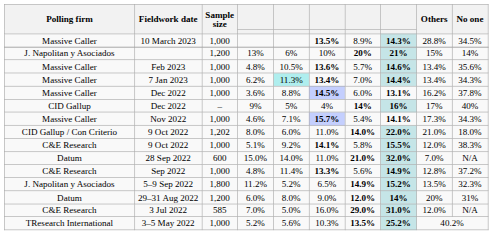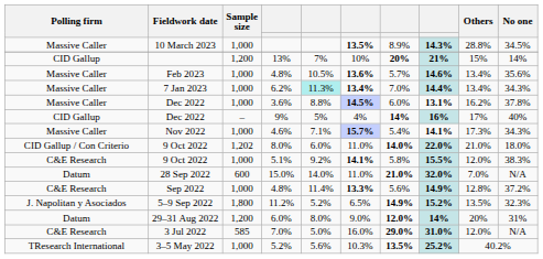 <table class="wikitable" style="text-align:center;font-size:90%;line-height:14px;">
 <tr style="height:40px;">
 <th style="width:200px;" rowspan="2">Polling firm</th>
 <th style="width:100px;" rowspan="2">Fieldwork date</th>
 <th style="width:50px;" rowspan="2">Sample size</th>
 <th class="unsortable" style="width:50px;"></th>
 <th class="unsortable" style="width:50px;"></th>
 <th class="unsortable" style="width:50px;"></th>
 <th class="unsortable" style="width:50px;"></th>
 <th class="unsortable" style="width:50px;"></th>
 <th style="width:50px;" rowspan="2">Others</th>
 <th style="width:50px;" rowspan="2">No one</th>
 </tr>
 <tr>
 <th style="background:"></th>
 <th style="background:"></th>
 <th style="background:"></th>
 <th style="background:"></th>
 <th style="background:"></th>
 </tr>
 <tr>
 <td>Massive Caller</td>
 <td>10 March 2023</td>
 <td>1,000</td>
 <td></td>
 <td></td>
 <td><strong>13.5%</strong></td>
 <td>8.9%</td>
 <td style="background:#c5e5e7;"><strong>14.3%</strong></td>
 <td>28.8%</td>
 <td>34.5%</td>
 </tr>
 <tr>
 </tr>
 <tr>
-<td>J. Napolitan y Asociados</td>
+<td>CID Gallup</td>
 <td></td>
 <td>1,200</td>
 <td>13%</td>
-<td>6%</td>
+<td>7%</td>
 <td>10%</td>
 <td><strong>20%</strong></td>
 <td style="background:#c5e5e7;"><strong>21%</strong></td>
 <td>15%</td>
 <td>14%</td>
 </tr>
 <tr>
 <td>Massive Caller</td>
 <td>Feb 2023</td>
 <td>1,000</td>
 <td>4.8%</td>
 <td>10.5%</td>
 <td><strong>13.6%</strong></td>
 <td>5.7%</td>
 <td style="background:#c5e5e7;"><strong>14.6%</strong></td>
 <td>13.4%</td>
 <td>35.6%</td>
 </tr>
 <tr>
 <td>Massive Caller</td>
 <td>7 Jan 2023</td>
 <td>1,000</td>
 <td>6.2%</td>
 <td style="background: paleturquoise;">11.3%</td>
 <td><strong>13.4%</strong></td>
 <td>7.0%</td>
 <td style="background:#c5e5e7;"><strong>14.4%</strong></td>
 <td>13.4%</td>
 <td>34.3%</td>
 </tr>
 <tr>
 <td>Massive Caller</td>
 <td>Dec 2022</td>
 <td>1,000</td>
 <td>3.6%</td>
 <td>8.8%</td>
 <td style="background:#c4cffe;"><strong>14.5%</strong></td>
 <td>6.0%</td>
 <td><strong>13.1%</strong></td>
 <td>16.2%</td>
 <td>37.8%</td>
 </tr>
 <tr>
 <td>CID Gallup</td>
 <td>Dec 2022</td>
 <td>–</td>
 <td>9%</td>
 <td>5%</td>
 <td>4%</td>
 <td><strong>14%</strong></td>
 <td style="background:#c5e5e7;"><strong>16%</strong></td>
 <td>17%</td>
 <td>40%</td>
 </tr>
 <tr>
 <td>Massive Caller</td>
 <td>Nov 2022</td>
 <td>1,000</td>
 <td>4.6%</td>
 <td>7.1%</td>
 <td style="background:#c4cffe;"><strong>15.7%</strong></td>
 <td>5.4%</td>
 <td><strong>14.1%</strong></td>
 <td>17.3%</td>
 <td>34.3%</td>
 </tr>
 <tr>
 <td>CID Gallup / Con Criterio</td>
 <td>9 Oct 2022</td>
 <td>1,202</td>
 <td>8.0%</td>
 <td>6.0%</td>
 <td>11.0%</td>
 <td><strong>14.0%</strong></td>
 <td style="background:#c5e5e7;"><strong>22.0%</strong></td>
 <td>21.0%</td>
 <td>18.0%</td>
 </tr>
 <tr>
 <td>C&E Research</td>
 <td>9 Oct 2022</td>
 <td>1,000</td>
 <td>5.1%</td>
 <td>9.2%</td>
 <td><strong>14.1%</strong></td>
 <td>5.8%</td>
 <td style="background:#c5e5e7;"><strong>15.5%</strong></td>
 <td>12.0%</td>
 <td>38.3%</td>
 </tr>
 <tr>
 <td>Datum</td>
 <td>28 Sep 2022</td>
 <td>600</td>
 <td>15.0%</td>
 <td>14.0%</td>
 <td>11.0%</td>
 <td><strong>21.0%</strong></td>
 <td style="background:#c5e5e7;"><strong>32.0%</strong></td>
 <td>7.0%</td>
 <td>N/A</td>
 </tr>
 <tr>
 <td>C&E Research</td>
 <td>Sep 2022</td>
 <td>1,000</td>
 <td>4.8%</td>
 <td>11.4%</td>
 <td><strong>13.3%</strong></td>
 <td>5.6%</td>
 <td style="background:#c5e5e7;"><strong>14.9%</strong></td>
 <td>12.8%</td>
 <td>37.2%</td>
 </tr>
 <tr>
 <td>J. Napolitan y Asociados</td>
 <td>5–9 Sep 2022</td>
 <td>1,800</td>
 <td>11.2%</td>
 <td>5.2%</td>
 <td>6.5%</td>
 <td><strong>14.9%</strong></td>
 <td style="background:#c5e5e7;"><strong>15.2%</strong></td>
 <td>13.5%</td>
 <td>32.3%</td>
 </tr>
 <tr>
 <td>Datum</td>
 <td>29–31 Aug 2022</td>
 <td>1,200</td>
 <td>6.0%</td>
 <td>8.0%</td>
 <td>9.0%</td>
 <td><strong>12.0%</strong></td>
 <td style="background:#c5e5e7;"><strong>14%</strong></td>
 <td>20%</td>
 <td>31%</td>
 </tr>
 <tr>
 <td>C&E Research</td>
 <td>3 Jul 2022</td>
 <td>585</td>
 <td>7.0%</td>
 <td>5.0%</td>
 <td>16.0%</td>
 <td><strong>29.0%</strong></td>
 <td style="background:#c5e5e7;"><strong>31.0%</strong></td>
 <td>12.0%</td>
 <td>N/A</td>
 </tr>
 <tr>
 <td>TResearch International</td>
 <td>3–5 May 2022</td>
 <td>1,000</td>
 <td>5.2%</td>
 <td>5.6%</td>
 <td>10.3%</td>
 <td><strong>13.5%</strong></td>
 <td style="background:#c5e5e7;"><strong>25.2%</strong></td>
 <td colspan="2">40.2%</td>
 </tr>
 </table>
